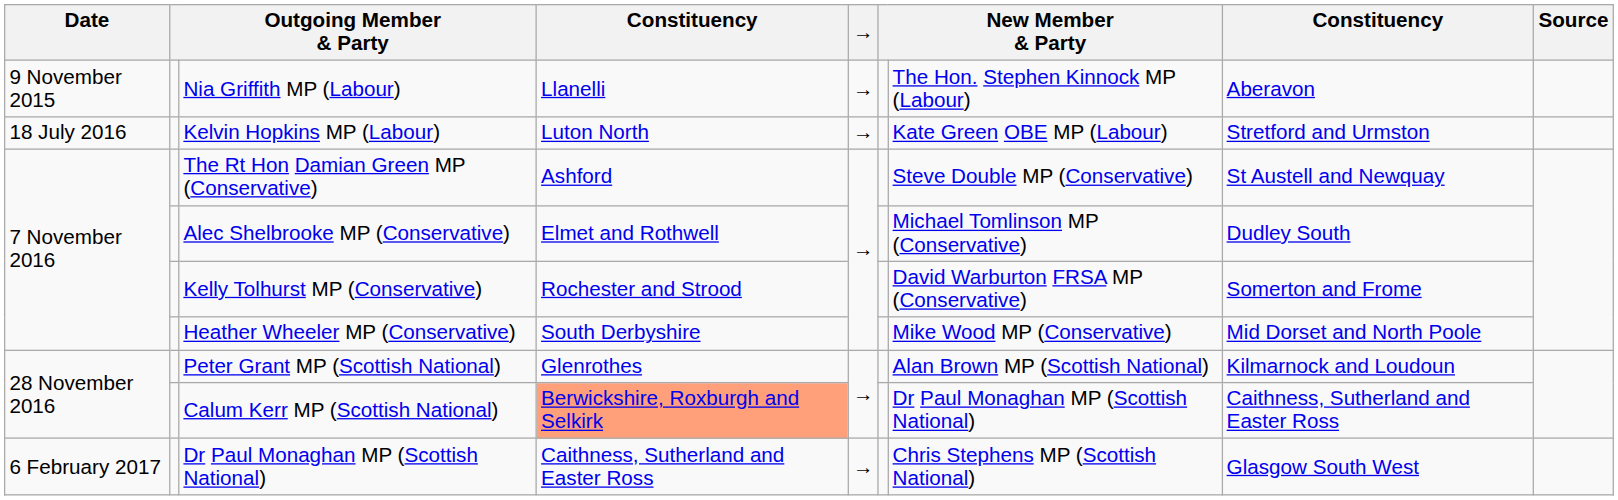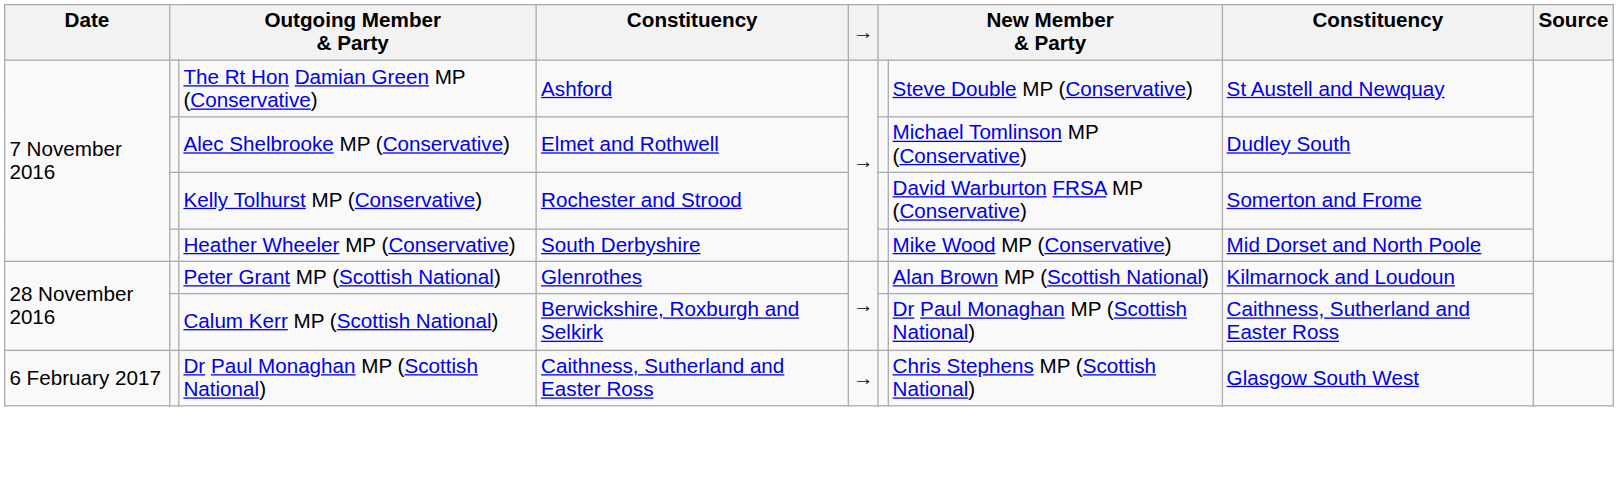 <table class="wikitable">
 <tr>
 <th valign="top">Date</th>
 <th colspan="2" valign="top">Outgoing Member<br>& Party</th>
 <th valign="top">Constituency</th>
 <th>→</th>
 <th colspan="2" valign="top">New Member<br>& Party</th>
 <th valign="top">Constituency</th>
 <th valign="top">Source</th>
-</tr>
-<tr>
-<td>9 November 2015</td>
-<td style="color:inherit;background:"></td>
-<td><a href='#'>Nia Griffith</a> MP (<a href='#'>Labour</a>)</td>
-<td><a href='#'>Llanelli</a></td>
-<td>→</td>
-<td style="color:inherit;background:"></td>
-<td><a href='#'>The Hon.</a> <a href='#'>Stephen Kinnock</a> MP (<a href='#'>Labour</a>)</td>
-<td><a href='#'>Aberavon</a></td>
-<td></td>
-</tr>
-<tr>
-<td>18 July 2016</td>
-<td style="color:inherit;background:"></td>
-<td><a href='#'>Kelvin Hopkins</a> MP (<a href='#'>Labour</a>)</td>
-<td><a href='#'>Luton North</a></td>
-<td>→</td>
-<td style="color:inherit;background:"></td>
-<td><a href='#'>Kate Green</a> <a href='#'>OBE</a> MP (<a href='#'>Labour</a>)</td>
-<td><a href='#'>Stretford and Urmston</a></td>
-<td></td>
 </tr>
 <tr>
 <td rowspan=4>7 November 2016</td>
 <td style="color:inherit;background:"></td>
 <td><a href='#'>The Rt Hon</a> <a href='#'>Damian Green</a> MP (<a href='#'>Conservative</a>)</td>
 <td><a href='#'>Ashford</a></td>
 <td rowspan=4>→</td>
 <td style="color:inherit;background:"></td>
 <td><a href='#'>Steve Double</a> MP (<a href='#'>Conservative</a>)</td>
 <td><a href='#'>St Austell and Newquay</a></td>
 <td rowspan=4></td>
 </tr>
 <tr>
 <td style="color:inherit;background:"></td>
 <td><a href='#'>Alec Shelbrooke</a> MP (<a href='#'>Conservative</a>)</td>
 <td><a href='#'>Elmet and Rothwell</a></td>
 <td style="color:inherit;background:"></td>
 <td><a href='#'>Michael Tomlinson</a> MP (<a href='#'>Conservative</a>)</td>
 <td><a href='#'>Dudley South</a></td>
 </tr>
 <tr>
 <td style="color:inherit;background:"></td>
 <td><a href='#'>Kelly Tolhurst</a> MP (<a href='#'>Conservative</a>)</td>
 <td><a href='#'>Rochester and Strood</a></td>
 <td style="color:inherit;background:"></td>
 <td><a href='#'>David Warburton</a> <a href='#'>FRSA</a> MP (<a href='#'>Conservative</a>)</td>
 <td><a href='#'>Somerton and Frome</a></td>
 </tr>
 <tr>
 <td style="color:inherit;background:"></td>
 <td><a href='#'>Heather Wheeler</a> MP (<a href='#'>Conservative</a>)</td>
 <td><a href='#'>South Derbyshire</a></td>
 <td style="color:inherit;background:"></td>
 <td><a href='#'>Mike Wood</a> MP (<a href='#'>Conservative</a>)</td>
 <td><a href='#'>Mid Dorset and North Poole</a></td>
 </tr>
 <tr>
 <td rowspan=2>28 November 2016</td>
 <td style="color:inherit;background:"></td>
 <td><a href='#'>Peter Grant</a> MP (<a href='#'>Scottish National</a>)</td>
 <td><a href='#'>Glenrothes</a></td>
 <td rowspan=2>→</td>
 <td style="color:inherit;background:"></td>
 <td><a href='#'>Alan Brown</a> MP (<a href='#'>Scottish National</a>)</td>
 <td><a href='#'>Kilmarnock and Loudoun</a></td>
 <td rowspan=2></td>
 </tr>
 <tr>
 <td style="color:inherit;background:"></td>
 <td><a href='#'>Calum Kerr</a> MP (<a href='#'>Scottish National</a>)</td>
-<td style="background: lightsalmon;"><a href='#'>Berwickshire, Roxburgh and Selkirk</a></td>
+<td><a href='#'>Berwickshire, Roxburgh and Selkirk</a></td>
 <td style="color:inherit;background:"></td>
 <td><a href='#'>Dr</a> <a href='#'>Paul Monaghan</a> MP (<a href='#'>Scottish National</a>)</td>
 <td><a href='#'>Caithness, Sutherland and Easter Ross</a></td>
 </tr>
 <tr>
 <td>6 February 2017</td>
 <td style="color:inherit;background:"></td>
 <td><a href='#'>Dr</a> <a href='#'>Paul Monaghan</a> MP (<a href='#'>Scottish National</a>)</td>
 <td><a href='#'>Caithness, Sutherland and Easter Ross</a></td>
 <td>→</td>
 <td style="color:inherit;background:"></td>
 <td><a href='#'>Chris Stephens</a> MP (<a href='#'>Scottish National</a>)</td>
 <td><a href='#'>Glasgow South West</a></td>
 <td></td>
 </tr>
 </table>
